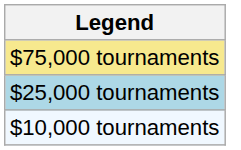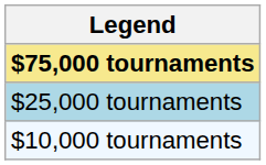 <table class="wikitable" style="font-size:95%">
 <tr>
 <th>Legend</th>
 </tr>
 <tr style="background:#f7e98e;">
-<td>$75,000 tournaments</td>
+<td><strong>$75,000 tournaments</strong></td>
 </tr>
 <tr style="background:lightblue;">
 <td>$25,000 tournaments</td>
 </tr>
 <tr style="background:#f0f8ff;">
 <td>$10,000 tournaments</td>
 </tr>
 </table>
